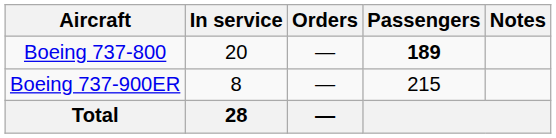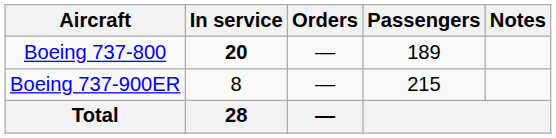 <table class="wikitable" style="border-collapse:collapse;text-align:center;margin:auto;">
 <tr>
 <th>Aircraft</th>
 <th>In service</th>
 <th>Orders</th>
 <th>Passengers</th>
 <th>Notes</th>
 </tr>
 <tr>
 <td><a href='#'>Boeing 737-800</a></td>
-<td>20</td>
+<td><strong>20</strong></td>
 <td>—</td>
-<td><strong>189</strong></td>
+<td>189</td>
 <td></td>
 </tr>
 <tr>
 <td><a href='#'>Boeing 737-900ER</a></td>
 <td>8</td>
 <td>—</td>
 <td>215</td>
 <td></td>
 </tr>
 <tr>
 <th>Total</th>
 <th>28</th>
 <th>—</th>
 <th colspan="3"></th>
 </tr>
 </table>
